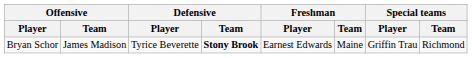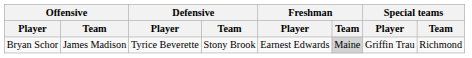 <table class="wikitable" border="1">
 <tr>
 <th colspan="2">Offensive</th>
 <th colspan="2">Defensive</th>
 <th colspan="2">Freshman</th>
 <th colspan="2">Special teams</th>
 </tr>
 <tr>
 <th>Player</th>
 <th>Team</th>
 <th>Player</th>
 <th>Team</th>
 <th>Player</th>
 <th>Team</th>
 <th>Player</th>
 <th>Team</th>
 </tr>
 <tr>
 <td>Bryan Schor</td>
 <td>James Madison</td>
 <td>Tyrice Beverette</td>
-<td><strong>Stony Brook</strong></td>
+<td>Stony Brook</td>
 <td>Earnest Edwards</td>
-<td>Maine</td>
+<td style="background: lightgrey;">Maine</td>
 <td>Griffin Trau</td>
 <td>Richmond</td>
 </tr>
 </table>
